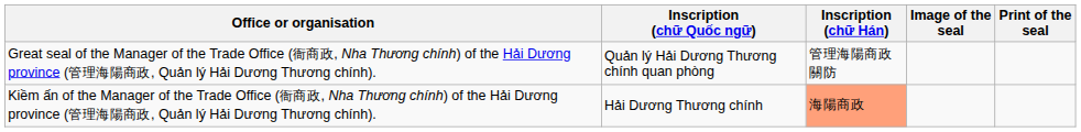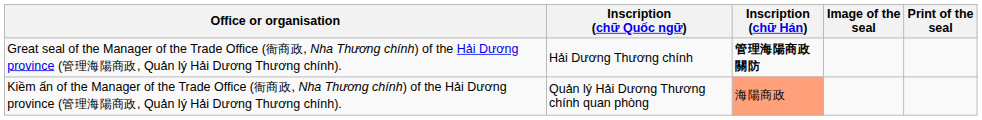 <table class="wikitable">
 <tr>
 <th>Office or organisation</th>
 <th>Inscription<br>(<a href='#'>chữ Quốc ngữ</a>)</th>
 <th>Inscription<br>(<a href='#'>chữ Hán</a>)</th>
 <th>Image of the seal</th>
 <th>Print of the seal</th>
 </tr>
 <tr>
 <td>Great seal of the Manager of the Trade Office (衙商政, <em>Nha Thương chính</em>) of the <a href='#'>Hải Dương province</a> (管理海陽商政, Quản lý Hải Dương Thương chính).</td>
-<td>Quản lý Hải Dương Thương chính quan phòng</td>
-<td>管理海陽商政關防</td>
+<td>Hải Dương Thương chính</td>
+<td><strong>管理海陽商政關防</strong></td>
 <td></td>
 <td></td>
 </tr>
 <tr>
 <td>Kiềm ấn of the Manager of the Trade Office (衙商政, <em>Nha Thương chính</em>) of the Hải Dương province (管理海陽商政, Quản lý Hải Dương Thương chính).</td>
-<td>Hải Dương Thương chính</td>
+<td>Quản lý Hải Dương Thương chính quan phòng</td>
 <td style="background: lightsalmon;">海陽商政</td>
 <td></td>
 <td></td>
 </tr>
 </table>
